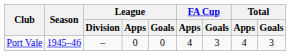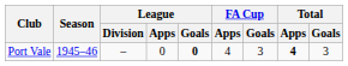 <table class="wikitable" style="text-align:center">
 <tr>
 <th rowspan="2">Club</th>
 <th rowspan="2">Season</th>
 <th colspan="3">League</th>
 <th colspan="2"><a href='#'>FA Cup</a></th>
 <th colspan="2">Total</th>
 </tr>
 <tr>
 <th>Division</th>
 <th>Apps</th>
 <th>Goals</th>
 <th>Apps</th>
 <th>Goals</th>
 <th>Apps</th>
 <th>Goals</th>
 </tr>
 <tr>
 <td><a href='#'>Port Vale</a></td>
 <td><a href='#'>1945–46</a></td>
 <td>–</td>
 <td>0</td>
-<td>0</td>
+<td><strong>0</strong></td>
 <td>4</td>
 <td>3</td>
-<td>4</td>
+<td><strong>4</strong></td>
 <td>3</td>
 </tr>
 </table>
